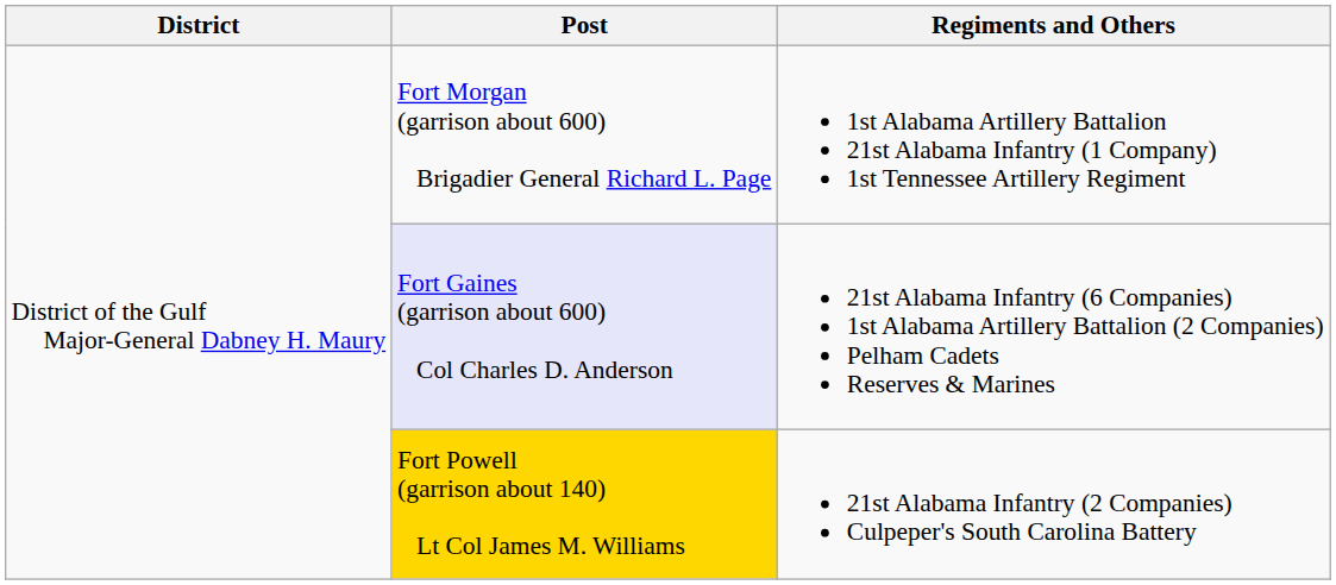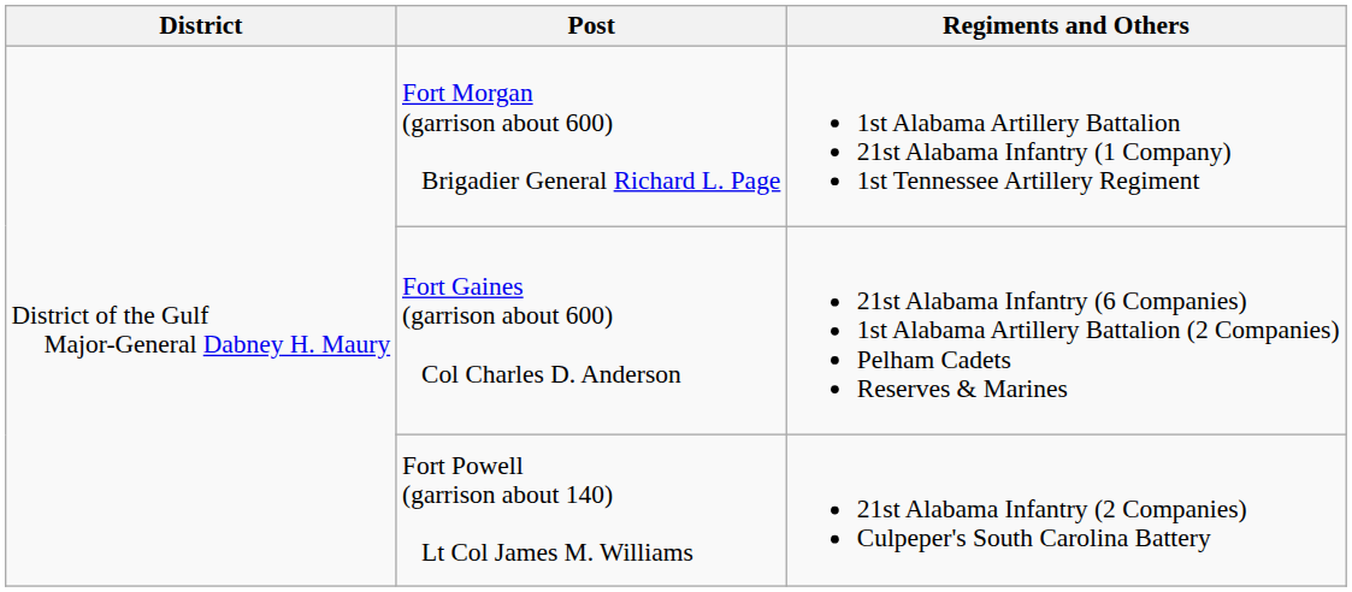 <table class="wikitable">
 <tr>
 <th>District</th>
 <th>Post</th>
 <th>Regiments and Others</th>
 </tr>
 <tr>
 <td rowspan=3><br>District of the Gulf <br>     Major-General <a href='#'>Dabney H. Maury</a></td>
 <td><a href='#'>Fort Morgan</a><br>(garrison about 600)<br><br>    Brigadier General <a href='#'>Richard L. Page</a></td>
 <td><br><ul><li>1st Alabama Artillery Battalion</li><li>21st Alabama Infantry (1 Company)</li><li>1st Tennessee Artillery Regiment</li></ul></td>
 </tr>
 <tr>
-<td style="background: lavender;"><a href='#'>Fort Gaines</a><br>(garrison about 600)<br><br>    Col Charles D. Anderson</td>
+<td><a href='#'>Fort Gaines</a><br>(garrison about 600)<br><br>    Col Charles D. Anderson</td>
 <td><br><ul><li>21st Alabama Infantry (6 Companies)</li><li>1st Alabama Artillery Battalion (2 Companies)</li><li>Pelham Cadets</li><li>Reserves & Marines</li></ul></td>
 </tr>
 <tr>
-<td style="background: gold;">Fort Powell<br>(garrison about 140)<br><br>    Lt Col James M. Williams</td>
+<td>Fort Powell<br>(garrison about 140)<br><br>    Lt Col James M. Williams</td>
 <td><br><ul><li>21st Alabama Infantry (2 Companies)</li><li>Culpeper's South Carolina Battery</li></ul></td>
 </tr>
 </table>
